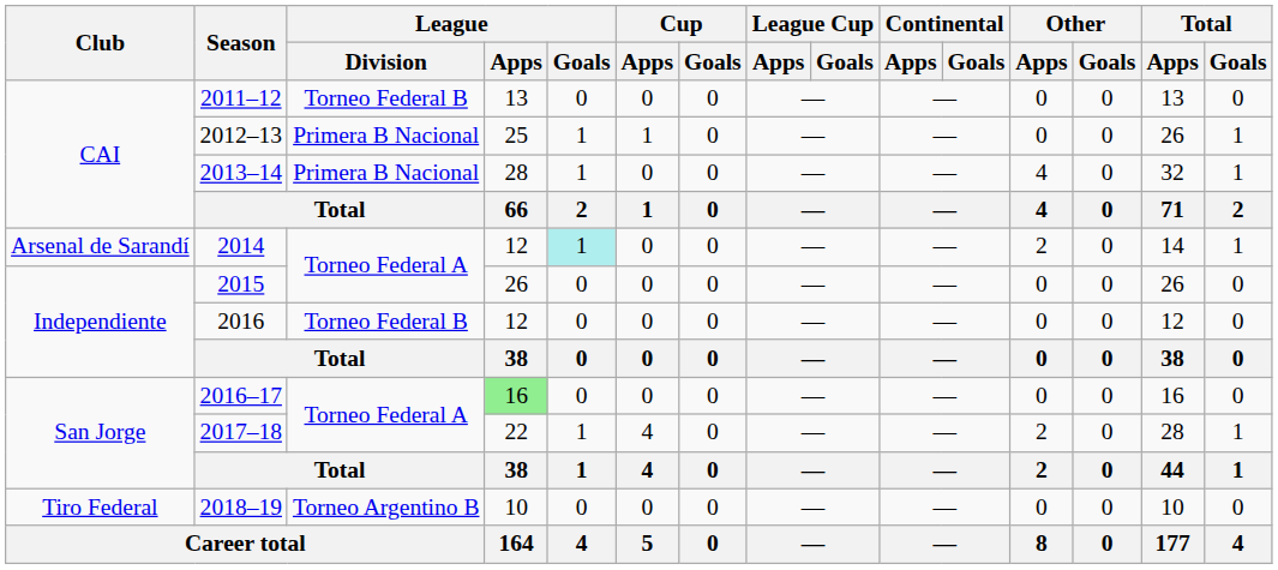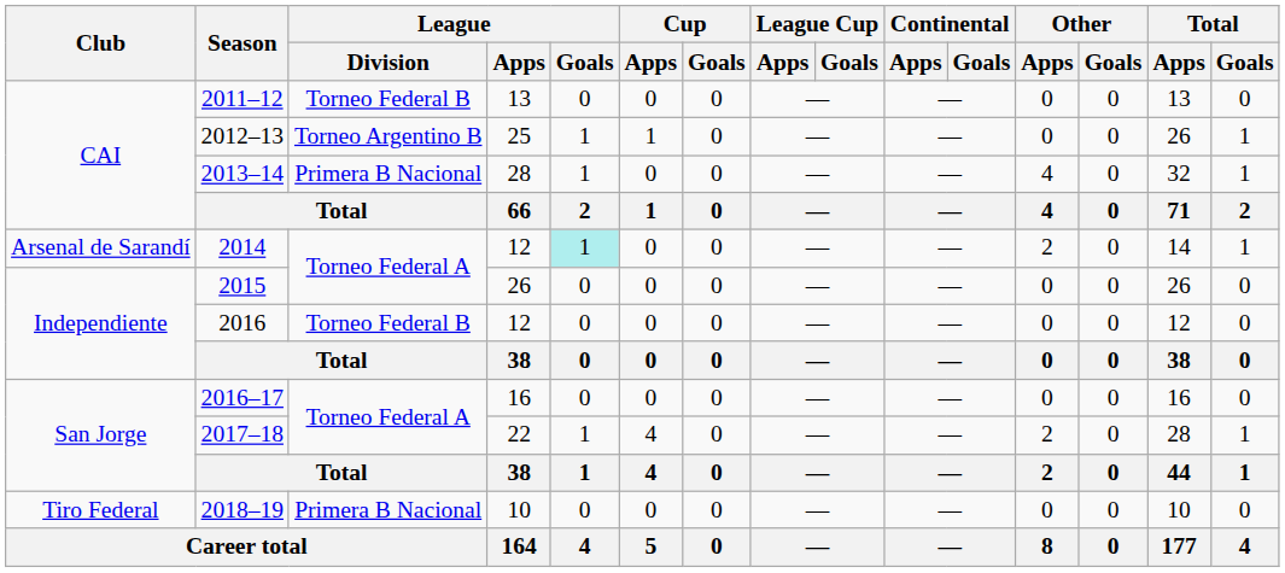 <table class="wikitable" style="text-align:center">
 <tr>
 <th rowspan="2">Club</th>
 <th rowspan="2">Season</th>
 <th colspan="3">League</th>
 <th colspan="2">Cup</th>
 <th colspan="2">League Cup</th>
 <th colspan="2">Continental</th>
 <th colspan="2">Other</th>
 <th colspan="2">Total</th>
 </tr>
 <tr>
 <th>Division</th>
 <th>Apps</th>
 <th>Goals</th>
 <th>Apps</th>
 <th>Goals</th>
 <th>Apps</th>
 <th>Goals</th>
 <th>Apps</th>
 <th>Goals</th>
 <th>Apps</th>
 <th>Goals</th>
 <th>Apps</th>
 <th>Goals</th>
 </tr>
 <tr>
 <td rowspan="4"><a href='#'>CAI</a></td>
 <td><a href='#'>2011–12</a></td>
 <td rowspan="1"><a href='#'>Torneo Federal B</a></td>
 <td>13</td>
 <td>0</td>
 <td>0</td>
 <td>0</td>
 <td colspan="2">—</td>
 <td colspan="2">—</td>
 <td>0</td>
 <td>0</td>
 <td>13</td>
 <td>0</td>
 </tr>
 <tr>
 <td>2012–13</td>
-<td rowspan="1"><a href='#'>Primera B Nacional</a></td>
+<td rowspan="1"><a href='#'>Torneo Argentino B</a></td>
 <td>25</td>
 <td>1</td>
 <td>1</td>
 <td>0</td>
 <td colspan="2">—</td>
 <td colspan="2">—</td>
 <td>0</td>
 <td>0</td>
 <td>26</td>
 <td>1</td>
 </tr>
 <tr>
 <td><a href='#'>2013–14</a></td>
 <td rowspan="1"><a href='#'>Primera B Nacional</a></td>
 <td>28</td>
 <td>1</td>
 <td>0</td>
 <td>0</td>
 <td colspan="2">—</td>
 <td colspan="2">—</td>
 <td>4</td>
 <td>0</td>
 <td>32</td>
 <td>1</td>
 </tr>
 <tr>
 <th colspan="2">Total</th>
 <th>66</th>
 <th>2</th>
 <th>1</th>
 <th>0</th>
 <th colspan="2">—</th>
 <th colspan="2">—</th>
 <th>4</th>
 <th>0</th>
 <th>71</th>
 <th>2</th>
 </tr>
 <tr>
 <td rowspan="1"><a href='#'>Arsenal de Sarandí</a></td>
 <td><a href='#'>2014</a></td>
 <td rowspan="2"><a href='#'>Torneo Federal A</a></td>
 <td>12</td>
 <td style="background: paleturquoise;">1</td>
 <td>0</td>
 <td>0</td>
 <td colspan="2">—</td>
 <td colspan="2">—</td>
 <td>2</td>
 <td>0</td>
 <td>14</td>
 <td>1</td>
 </tr>
 <tr>
 <td rowspan="3"><a href='#'>Independiente</a></td>
 <td><a href='#'>2015</a></td>
 <td>26</td>
 <td>0</td>
 <td>0</td>
 <td>0</td>
 <td colspan="2">—</td>
 <td colspan="2">—</td>
 <td>0</td>
 <td>0</td>
 <td>26</td>
 <td>0</td>
 </tr>
 <tr>
 <td>2016</td>
 <td rowspan="1"><a href='#'>Torneo Federal B</a></td>
 <td>12</td>
 <td>0</td>
 <td>0</td>
 <td>0</td>
 <td colspan="2">—</td>
 <td colspan="2">—</td>
 <td>0</td>
 <td>0</td>
 <td>12</td>
 <td>0</td>
 </tr>
 <tr>
 <th colspan="2">Total</th>
 <th>38</th>
 <th>0</th>
 <th>0</th>
 <th>0</th>
 <th colspan="2">—</th>
 <th colspan="2">—</th>
 <th>0</th>
 <th>0</th>
 <th>38</th>
 <th>0</th>
 </tr>
 <tr>
 <td rowspan="3"><a href='#'>San Jorge</a></td>
 <td><a href='#'>2016–17</a></td>
 <td rowspan="2"><a href='#'>Torneo Federal A</a></td>
-<td style="background: lightgreen;">16</td>
+<td>16</td>
 <td>0</td>
 <td>0</td>
 <td>0</td>
 <td colspan="2">—</td>
 <td colspan="2">—</td>
 <td>0</td>
 <td>0</td>
 <td>16</td>
 <td>0</td>
 </tr>
 <tr>
 <td><a href='#'>2017–18</a></td>
 <td>22</td>
 <td>1</td>
 <td>4</td>
 <td>0</td>
 <td colspan="2">—</td>
 <td colspan="2">—</td>
 <td>2</td>
 <td>0</td>
 <td>28</td>
 <td>1</td>
 </tr>
 <tr>
 <th colspan="2">Total</th>
 <th>38</th>
 <th>1</th>
 <th>4</th>
 <th>0</th>
 <th colspan="2">—</th>
 <th colspan="2">—</th>
 <th>2</th>
 <th>0</th>
 <th>44</th>
 <th>1</th>
 </tr>
 <tr>
 <td rowspan="1"><a href='#'>Tiro Federal</a></td>
 <td><a href='#'>2018–19</a></td>
-<td rowspan="1"><a href='#'>Torneo Argentino B</a></td>
+<td rowspan="1"><a href='#'>Primera B Nacional</a></td>
 <td>10</td>
 <td>0</td>
 <td>0</td>
 <td>0</td>
 <td colspan="2">—</td>
 <td colspan="2">—</td>
 <td>0</td>
 <td>0</td>
 <td>10</td>
 <td>0</td>
 </tr>
 <tr>
 <th colspan="3">Career total</th>
 <th>164</th>
 <th>4</th>
 <th>5</th>
 <th>0</th>
 <th colspan="2">—</th>
 <th colspan="2">—</th>
 <th>8</th>
 <th>0</th>
 <th>177</th>
 <th>4</th>
 </tr>
 </table>
